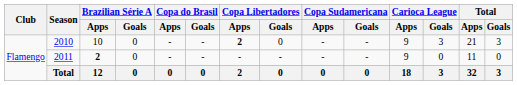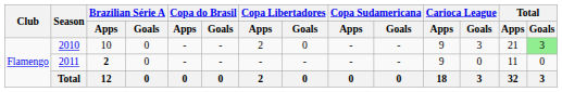 <table class="wikitable" style="text-align: center;">
 <tr>
 <th rowspan="2">Club</th>
 <th rowspan="2">Season</th>
 <th colspan="2"><a href='#'>Brazilian Série A</a></th>
 <th colspan="2"><a href='#'>Copa do Brasil</a></th>
 <th colspan="2"><a href='#'>Copa Libertadores</a></th>
 <th colspan="2"><a href='#'>Copa Sudamericana</a></th>
 <th colspan="2"><a href='#'>Carioca League</a></th>
 <th colspan="2">Total</th>
 </tr>
 <tr>
 <th>Apps</th>
 <th>Goals</th>
 <th>Apps</th>
 <th>Goals</th>
 <th>Apps</th>
 <th>Goals</th>
 <th>Apps</th>
 <th>Goals</th>
 <th>Apps</th>
 <th>Goals</th>
 <th>Apps</th>
 <th>Goals</th>
 </tr>
 <tr>
 <td rowspan="3" valign="center"><a href='#'>Flamengo</a></td>
 <td><a href='#'>2010</a></td>
 <td>10</td>
 <td>0</td>
 <td>-</td>
 <td>-</td>
-<td><strong>2</strong></td>
+<td>2</td>
 <td>0</td>
 <td>-</td>
 <td>-</td>
 <td>9</td>
 <td>3</td>
 <td>21</td>
-<td>3</td>
+<td style="background: lightgreen;">3</td>
 </tr>
 <tr>
 <td><a href='#'>2011</a></td>
 <td><strong>2</strong></td>
 <td>0</td>
 <td>-</td>
 <td>-</td>
 <td>-</td>
 <td>-</td>
 <td>-</td>
 <td>-</td>
 <td>9</td>
 <td>0</td>
 <td>11</td>
 <td>0</td>
 </tr>
 <tr>
 <th colspan="1"><strong>Total</strong></th>
 <th>12</th>
 <th>0</th>
 <th>0</th>
 <th>0</th>
 <th>2</th>
 <th>0</th>
 <th>0</th>
 <th>0</th>
 <th>18</th>
 <th>3</th>
 <th>32</th>
 <th>3</th>
 </tr>
 </table>
